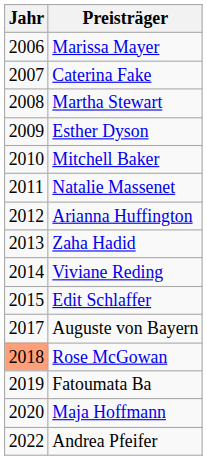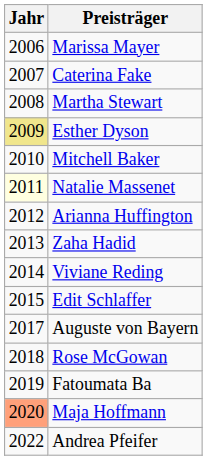 <table class="wikitable">
 <tr>
 <th>Jahr</th>
 <th>Preisträger</th>
 </tr>
 <tr>
 <td>2006</td>
 <td><a href='#'>Marissa Mayer</a></td>
 </tr>
 <tr>
 <td>2007</td>
 <td><a href='#'>Caterina Fake</a></td>
 </tr>
 <tr>
 <td>2008</td>
 <td><a href='#'>Martha Stewart</a></td>
 </tr>
 <tr>
-<td>2009</td>
+<td style="background: khaki;">2009</td>
 <td><a href='#'>Esther Dyson</a></td>
 </tr>
 <tr>
 <td>2010</td>
 <td><a href='#'>Mitchell Baker</a></td>
 </tr>
 <tr>
-<td>2011</td>
+<td style="background: lightyellow;">2011</td>
 <td><a href='#'>Natalie Massenet</a></td>
 </tr>
 <tr>
 <td>2012</td>
 <td><a href='#'>Arianna Huffington</a></td>
 </tr>
 <tr>
 <td>2013</td>
 <td><a href='#'>Zaha Hadid</a></td>
 </tr>
 <tr>
 <td>2014</td>
 <td><a href='#'>Viviane Reding</a></td>
 </tr>
 <tr>
 <td>2015</td>
 <td><a href='#'>Edit Schlaffer</a></td>
 </tr>
 <tr>
 <td>2017</td>
 <td>Auguste von Bayern</td>
 </tr>
 <tr>
-<td style="background: lightsalmon;">2018</td>
+<td>2018</td>
 <td><a href='#'>Rose McGowan</a></td>
 </tr>
 <tr>
 <td>2019</td>
 <td>Fatoumata Ba</td>
 </tr>
 <tr>
-<td>2020</td>
+<td style="background: lightsalmon;">2020</td>
 <td><a href='#'>Maja Hoffmann</a></td>
 </tr>
 <tr>
 <td>2022</td>
 <td>Andrea Pfeifer</td>
 </tr>
 </table>
